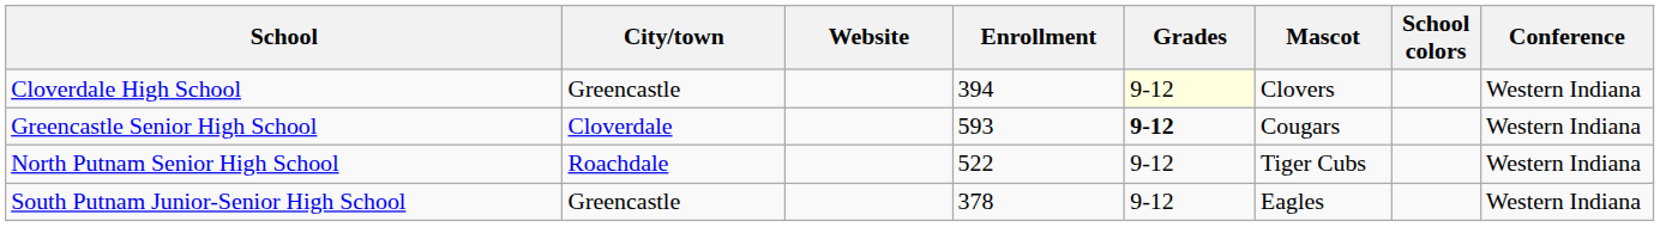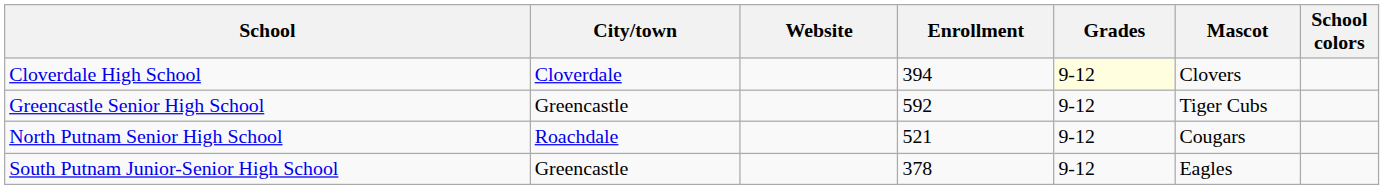 <table class="wikitable sortable" width="70%">
 <tr>
 <th width="20%">School</th>
 <th width="08%">City/town</th>
 <th width="06%">Website</th>
 <th width="04%">Enrollment</th>
 <th width="04%">Grades</th>
 <th width="04%">Mascot</th>
 <th width=01%>School colors</th>
-<th width="04%">Conference</th>
 </tr>
 <tr>
 <td><a href='#'>Cloverdale High School</a></td>
-<td>Greencastle</td>
+<td><a href='#'>Cloverdale</a></td>
 <td></td>
 <td>394</td>
 <td style="background: lightyellow;">9-12</td>
 <td>Clovers</td>
 <td> </td>
-<td>Western Indiana</td>
 </tr>
 <tr>
 <td><a href='#'>Greencastle Senior High School</a></td>
-<td><a href='#'>Cloverdale</a></td>
+<td>Greencastle</td>
 <td></td>
-<td>593</td>
-<td><strong>9-12</strong></td>
-<td>Cougars</td>
+<td>592</td>
+<td>9-12</td>
+<td>Tiger Cubs</td>
 <td> </td>
-<td>Western Indiana</td>
 </tr>
 <tr>
 <td><a href='#'>North Putnam Senior High School</a></td>
 <td><a href='#'>Roachdale</a></td>
 <td></td>
-<td>522</td>
+<td>521</td>
 <td>9-12</td>
-<td>Tiger Cubs</td>
+<td>Cougars</td>
 <td> </td>
-<td>Western Indiana</td>
 </tr>
 <tr>
 <td><a href='#'>South Putnam Junior-Senior High School</a></td>
 <td>Greencastle</td>
 <td></td>
 <td>378</td>
 <td>9-12</td>
 <td>Eagles</td>
 <td> </td>
-<td>Western Indiana</td>
 </tr>
 </table>
